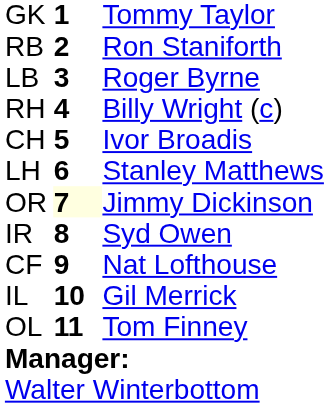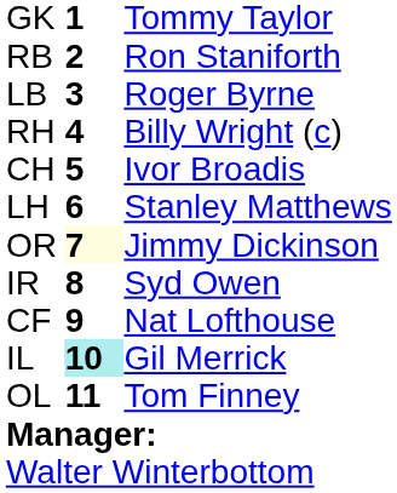 <table style="font-size:90%; margin:0.2em auto;" cellspacing="0" cellpadding="0">
 <tr>
 <th width="25"></th>
 <th width="25"></th>
 </tr>
 <tr>
 <td>GK</td>
 <td><strong>1</strong></td>
 <td><a href='#'>Tommy Taylor</a></td>
 </tr>
 <tr>
 <td>RB</td>
 <td><strong>2</strong></td>
 <td><a href='#'>Ron Staniforth</a></td>
 </tr>
 <tr>
 <td>LB</td>
 <td><strong>3</strong></td>
 <td><a href='#'>Roger Byrne</a></td>
 </tr>
 <tr>
 <td>RH</td>
 <td><strong>4</strong></td>
 <td><a href='#'>Billy Wright</a>  (<a href='#'>c</a>)</td>
 </tr>
 <tr>
 <td>CH</td>
 <td><strong>5</strong></td>
 <td><a href='#'>Ivor Broadis</a></td>
 </tr>
 <tr>
 <td>LH</td>
 <td><strong>6</strong></td>
 <td><a href='#'>Stanley Matthews</a></td>
 </tr>
 <tr>
 <td>OR</td>
 <td style="background: lightyellow;"><strong>7</strong></td>
 <td><a href='#'>Jimmy Dickinson</a></td>
 </tr>
 <tr>
 <td>IR</td>
 <td><strong>8</strong></td>
 <td><a href='#'>Syd Owen</a></td>
 </tr>
 <tr>
 <td>CF</td>
 <td><strong>9</strong></td>
 <td><a href='#'>Nat Lofthouse</a></td>
 </tr>
 <tr>
 <td>IL</td>
-<td><strong>10</strong></td>
+<td style="background: paleturquoise;"><strong>10</strong></td>
 <td><a href='#'>Gil Merrick</a></td>
 </tr>
 <tr>
 <td>OL</td>
 <td><strong>11</strong></td>
 <td><a href='#'>Tom Finney</a></td>
 </tr>
 <tr>
 <td colspan=3><strong>Manager:</strong></td>
 </tr>
 <tr>
 <td colspan=4> <a href='#'>Walter Winterbottom</a></td>
 </tr>
 </table>
